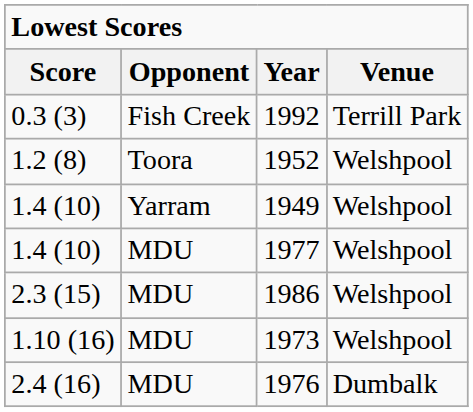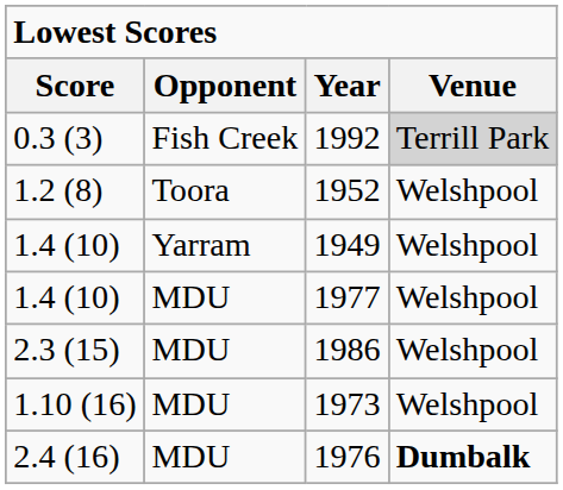 <table class="wikitable">
 <tr>
 <td style="text-align: Left;" colspan="6"><strong>Lowest Scores</strong></td>
 </tr>
 <tr>
 <th>Score</th>
 <th>Opponent</th>
 <th>Year</th>
 <th>Venue</th>
 </tr>
 <tr>
 <td>0.3 (3)</td>
 <td>Fish Creek</td>
 <td>1992</td>
-<td>Terrill Park</td>
+<td style="background: lightgrey;">Terrill Park</td>
 </tr>
 <tr>
 <td>1.2 (8)</td>
 <td>Toora</td>
 <td>1952</td>
 <td>Welshpool</td>
 </tr>
 <tr>
 <td>1.4 (10)</td>
 <td>Yarram</td>
 <td>1949</td>
 <td>Welshpool</td>
 </tr>
 <tr>
 <td>1.4 (10)</td>
 <td>MDU</td>
 <td>1977</td>
 <td>Welshpool</td>
 </tr>
 <tr>
 <td>2.3 (15)</td>
 <td>MDU</td>
 <td>1986</td>
 <td>Welshpool</td>
 </tr>
 <tr>
 <td>1.10 (16)</td>
 <td>MDU</td>
 <td>1973</td>
 <td>Welshpool</td>
 </tr>
 <tr>
 <td>2.4 (16)</td>
 <td>MDU</td>
 <td>1976</td>
-<td>Dumbalk</td>
+<td><strong>Dumbalk</strong></td>
 </tr>
 </table>
